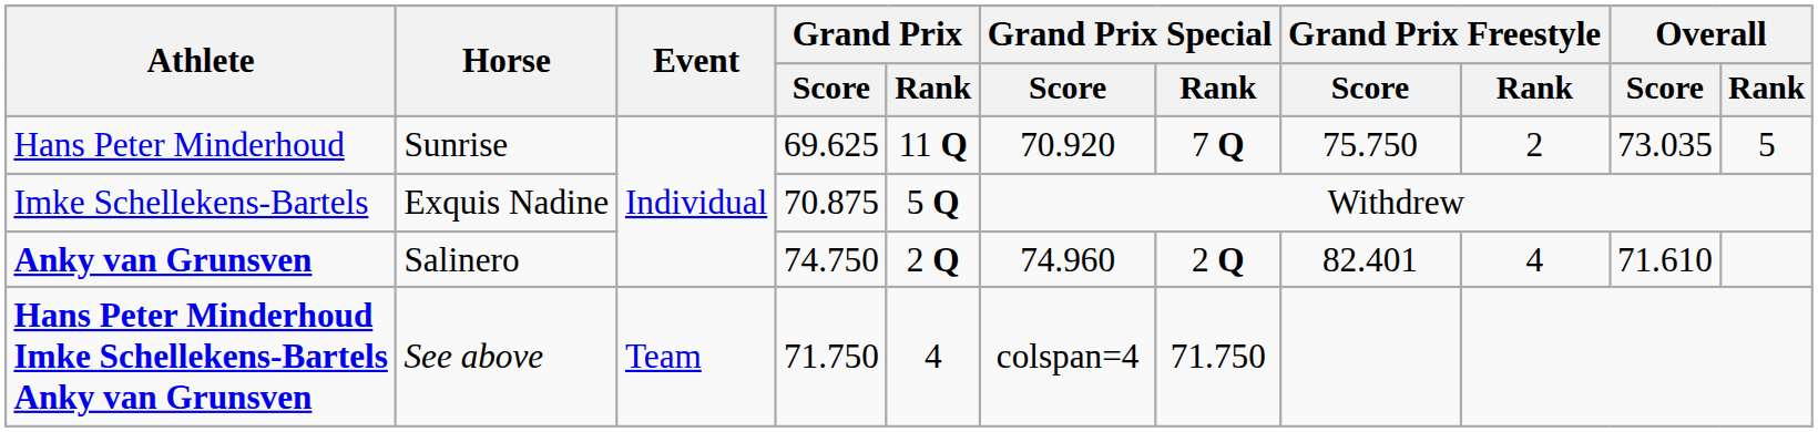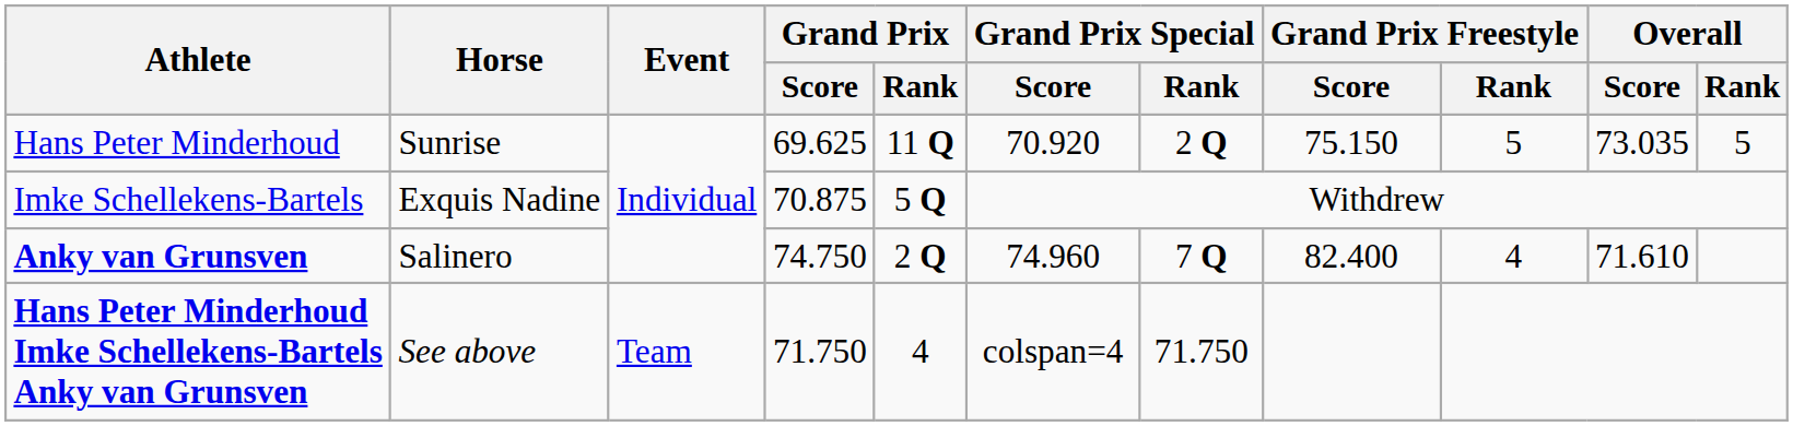 <table class=wikitable style="font-size:90%">
 <tr>
 <th rowspan="2">Athlete</th>
 <th rowspan="2">Horse</th>
 <th rowspan="2">Event</th>
 <th colspan="2">Grand Prix</th>
 <th colspan="2">Grand Prix Special</th>
 <th colspan="2">Grand Prix Freestyle</th>
 <th colspan="2">Overall</th>
 </tr>
 <tr style="font-size:95%">
 <th>Score</th>
 <th>Rank</th>
 <th>Score</th>
 <th>Rank</th>
 <th>Score</th>
 <th>Rank</th>
 <th>Score</th>
 <th>Rank</th>
 </tr>
 <tr align=center>
 <td align=left><a href='#'>Hans Peter Minderhoud</a></td>
 <td align=left>Sunrise</td>
 <td align=left rowspan=3><a href='#'>Individual</a></td>
 <td>69.625</td>
 <td>11 <strong>Q</strong></td>
 <td>70.920</td>
-<td>7 <strong>Q</strong></td>
-<td>75.750</td>
-<td>2</td>
+<td>2 <strong>Q</strong></td>
+<td>75.150</td>
+<td>5</td>
 <td>73.035</td>
 <td>5</td>
 </tr>
 <tr align=center>
 <td align=left><a href='#'>Imke Schellekens-Bartels</a></td>
 <td align=left>Exquis Nadine</td>
 <td>70.875</td>
 <td>5 <strong>Q</strong></td>
 <td colspan=6>Withdrew</td>
 </tr>
 <tr align=center>
 <td align=left><strong><a href='#'>Anky van Grunsven</a></strong></td>
 <td align=left>Salinero</td>
 <td>74.750</td>
 <td>2 <strong>Q</strong></td>
 <td>74.960</td>
-<td>2 <strong>Q</strong></td>
-<td>82.401</td>
+<td>7 <strong>Q</strong></td>
+<td>82.400</td>
 <td>4</td>
 <td>71.610</td>
 <td></td>
 </tr>
 <tr align=center>
 <td align=left><strong><a href='#'>Hans Peter Minderhoud</a><br><a href='#'>Imke Schellekens-Bartels</a><br><a href='#'>Anky van Grunsven</a></strong></td>
 <td align=left><em>See above</em></td>
 <td align=left><a href='#'>Team</a></td>
 <td>71.750</td>
 <td>4</td>
 <td>colspan=4 </td>
 <td>71.750</td>
 <td></td>
 </tr>
 </table>
